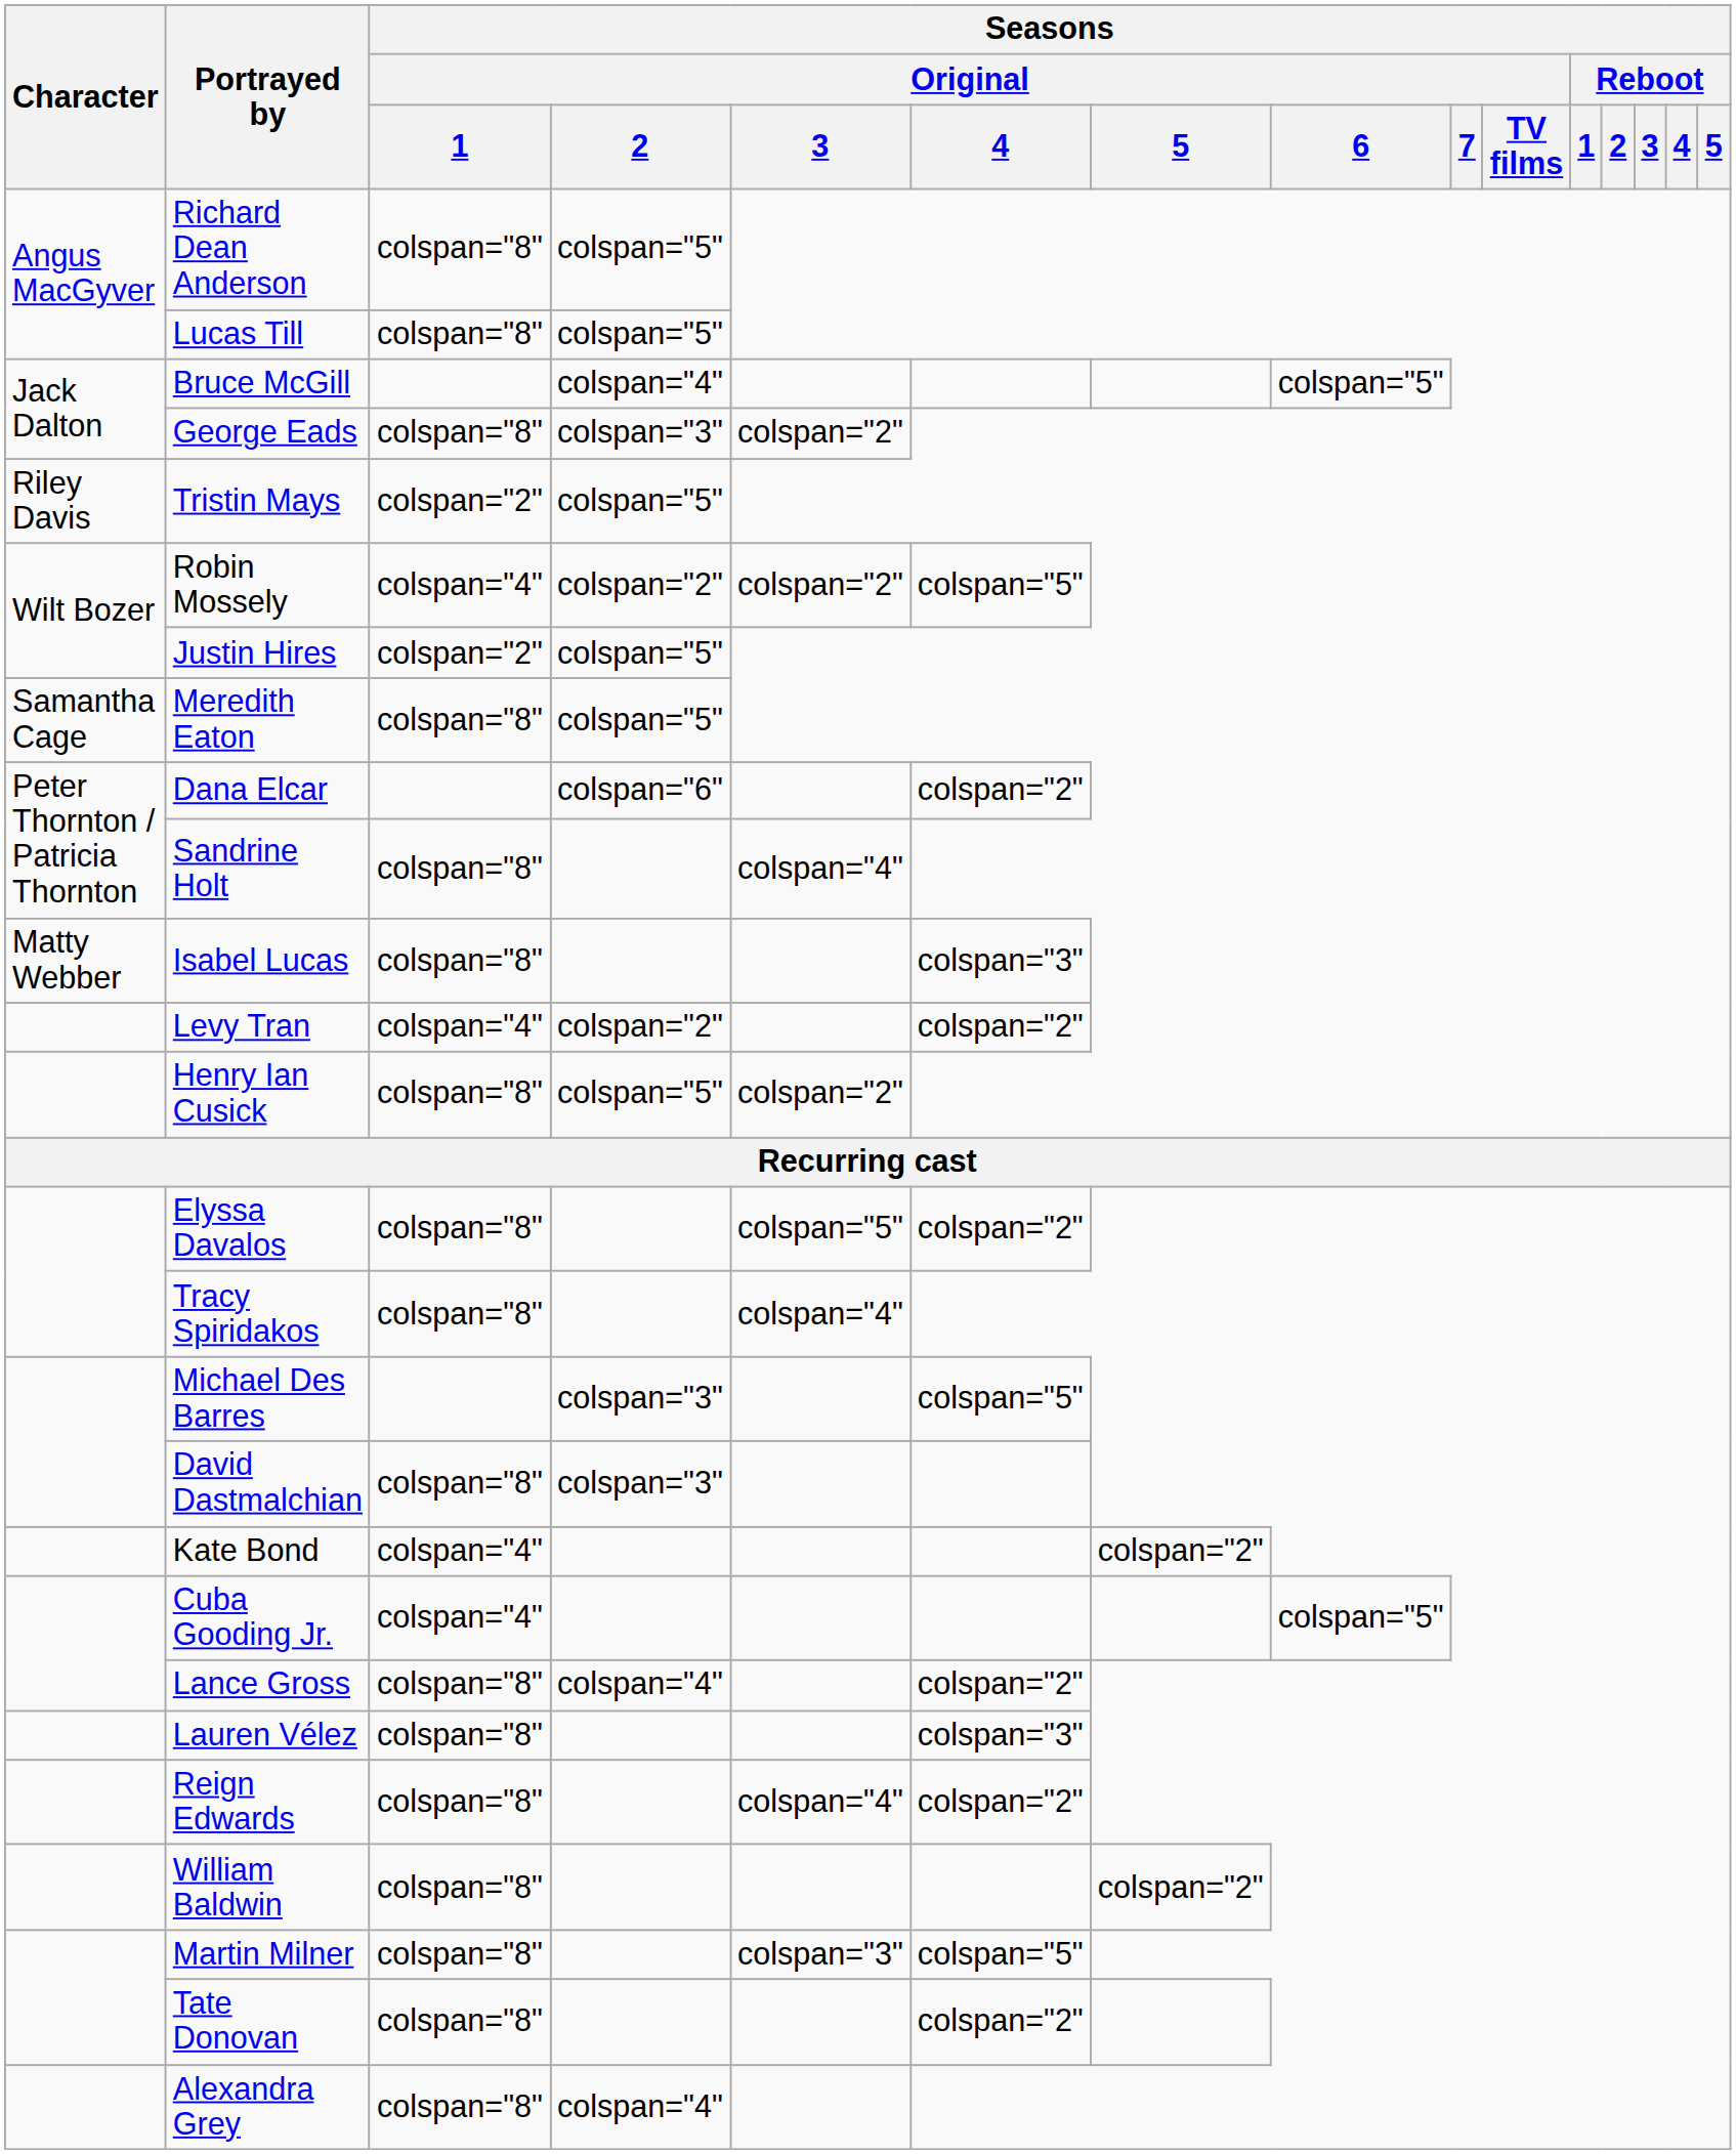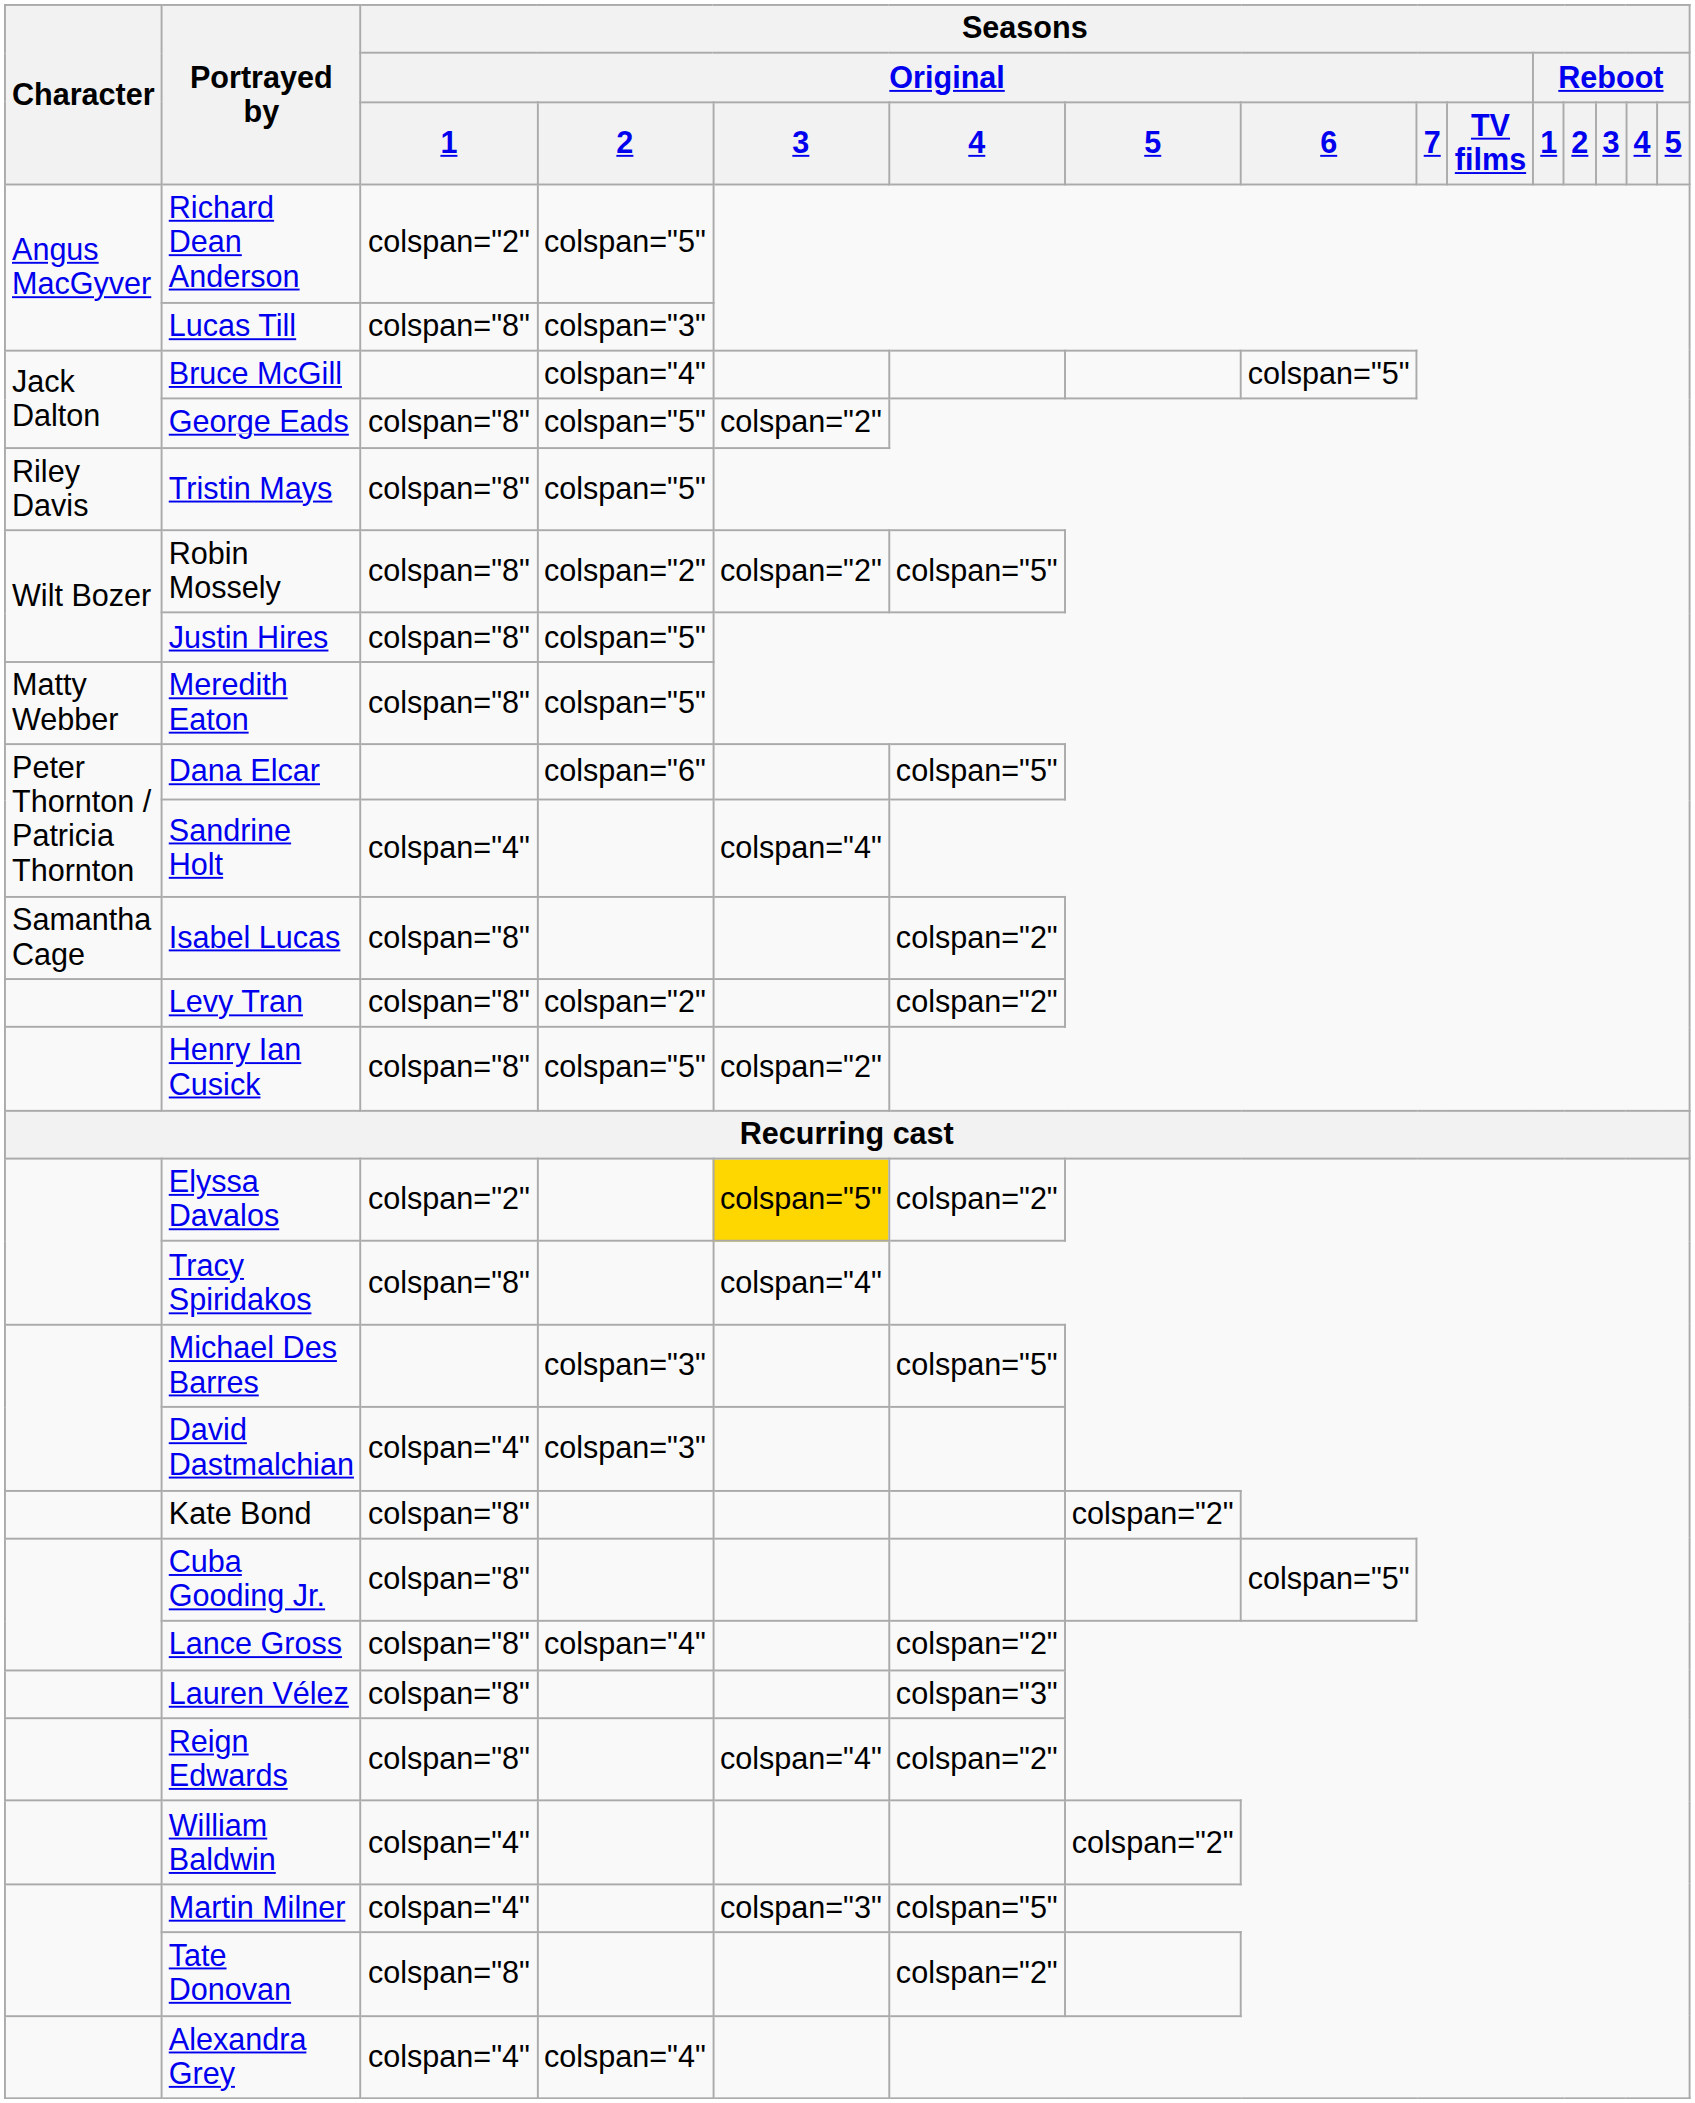 <table class="wikitable plainrowheaders">
 <tr>
 <th scope="col" style="width:16%;" rowspan="3">Character</th>
 <th scope="col" style="width:16%;" rowspan="3">Portrayed by</th>
 <th scope="col" colspan="13">Seasons</th>
 </tr>
 <tr>
 <th scope="col" colspan="8"><a href='#'>Original</a></th>
 <th scope="col" colspan="5"><a href='#'>Reboot</a></th>
 </tr>
 <tr>
 <th scope="col" style="width:4%;"><a href='#'>1</a></th>
 <th scope="col" style="width:4%;"><a href='#'>2</a></th>
 <th scope="col" style="width:4%;"><a href='#'>3</a></th>
 <th scope="col" style="width:4%;"><a href='#'>4</a></th>
 <th scope="col" style="width:4%;"><a href='#'>5</a></th>
 <th scope="col" style="width:4%;"><a href='#'>6</a></th>
 <th scope="col" style="width:4%;"><a href='#'>7</a></th>
 <th socpe="col" style="width:4%;"><a href='#'>TV films</a></th>
 <th scope="col" style="width:4%;"><a href='#'>1</a></th>
 <th scope="col" style="width:4%;"><a href='#'>2</a></th>
 <th scope="col" style="width:4%;"><a href='#'>3</a></th>
 <th scope="col" style="width:4%;"><a href='#'>4</a></th>
 <th scope="col" style="width:4%;"><a href='#'>5</a></th>
 </tr>
 <tr>
 <td scope="row" rowspan="2"><a href='#'>Angus MacGyver</a></td>
 <td><a href='#'>Richard Dean Anderson</a></td>
-<td>colspan="8" </td>
+<td>colspan="2" </td>
 <td>colspan="5" </td>
 </tr>
 <tr>
 <td><a href='#'>Lucas Till</a></td>
 <td>colspan="8" </td>
-<td>colspan="5" </td>
+<td>colspan="3" </td>
 </tr>
 <tr>
 <td scope="row" rowspan="2">Jack Dalton</td>
 <td><a href='#'>Bruce McGill</a></td>
 <td></td>
 <td>colspan="4" </td>
 <td></td>
 <td></td>
 <td></td>
 <td>colspan="5" </td>
 </tr>
 <tr>
 <td><a href='#'>George Eads</a></td>
 <td>colspan="8" </td>
-<td>colspan="3" </td>
+<td>colspan="5" </td>
 <td>colspan="2" </td>
 </tr>
 <tr>
 <td scope="row">Riley Davis</td>
 <td><a href='#'>Tristin Mays</a></td>
-<td>colspan="2" </td>
+<td>colspan="8" </td>
 <td>colspan="5" </td>
 </tr>
 <tr>
 <td scope="row" rowspan="2">Wilt Bozer</td>
 <td>Robin Mossely</td>
-<td>colspan="4" </td>
+<td>colspan="8" </td>
 <td>colspan="2" </td>
 <td>colspan="2" </td>
 <td>colspan="5" </td>
 </tr>
 <tr>
 <td><a href='#'>Justin Hires</a></td>
-<td>colspan="2" </td>
+<td>colspan="8" </td>
 <td>colspan="5" </td>
 </tr>
 <tr>
-<td scope="row">Samantha Cage</td>
+<td scope="row">Matty Webber</td>
 <td><a href='#'>Meredith Eaton</a></td>
 <td>colspan="8" </td>
 <td>colspan="5" </td>
 </tr>
 <tr>
 <td scope="row"  rowspan="2">Peter Thornton /<br>Patricia Thornton</td>
 <td><a href='#'>Dana Elcar</a></td>
 <td></td>
 <td>colspan="6" </td>
 <td></td>
-<td>colspan="2" </td>
+<td>colspan="5" </td>
 </tr>
 <tr>
 <td><a href='#'>Sandrine Holt</a></td>
-<td>colspan="8" </td>
+<td>colspan="4" </td>
 <td></td>
 <td>colspan="4" </td>
 </tr>
 <tr>
-<td scope="row">Matty Webber</td>
+<td scope="row">Samantha Cage</td>
 <td><a href='#'>Isabel Lucas</a></td>
 <td>colspan="8" </td>
 <td></td>
 <td></td>
-<td>colspan="3" </td>
+<td>colspan="2" </td>
 </tr>
 <tr>
 <td scope="row"></td>
 <td><a href='#'>Levy Tran</a></td>
-<td>colspan="4" </td>
+<td>colspan="8" </td>
 <td>colspan="2" </td>
 <td></td>
 <td>colspan="2" </td>
 </tr>
 <tr>
 <td scope="row"></td>
 <td><a href='#'>Henry Ian Cusick</a></td>
 <td>colspan="8" </td>
 <td>colspan="5" </td>
 <td>colspan="2" </td>
 </tr>
 <tr>
 <th colspan="15">Recurring cast</th>
 </tr>
 <tr>
 <td scope="row" rowspan="2"></td>
 <td><a href='#'>Elyssa Davalos</a></td>
-<td>colspan="8" </td>
+<td>colspan="2" </td>
 <td></td>
-<td>colspan="5" </td>
+<td style="background: gold;">colspan="5" </td>
 <td>colspan="2" </td>
 </tr>
 <tr>
 <td><a href='#'>Tracy Spiridakos</a></td>
 <td>colspan="8" </td>
 <td></td>
 <td>colspan="4" </td>
 </tr>
 <tr>
 <td scope="row" rowspan="2"></td>
 <td><a href='#'>Michael Des Barres</a></td>
 <td></td>
 <td>colspan="3" </td>
 <td></td>
 <td>colspan="5" </td>
 </tr>
 <tr>
 <td><a href='#'>David Dastmalchian</a></td>
-<td>colspan="8" </td>
+<td>colspan="4" </td>
 <td>colspan="3" </td>
 <td></td>
 <td></td>
 </tr>
 <tr>
 <td scope="row"></td>
 <td>Kate Bond</td>
-<td>colspan="4" </td>
+<td>colspan="8" </td>
 <td></td>
 <td></td>
 <td></td>
 <td>colspan="2" </td>
 </tr>
 <tr>
 <td scope="row" rowspan="2"></td>
 <td><a href='#'>Cuba Gooding Jr.</a></td>
-<td>colspan="4" </td>
+<td>colspan="8" </td>
 <td></td>
 <td></td>
 <td></td>
 <td></td>
 <td>colspan="5" </td>
 </tr>
 <tr>
 <td><a href='#'>Lance Gross</a></td>
 <td>colspan="8" </td>
 <td>colspan="4" </td>
 <td></td>
 <td>colspan="2" </td>
 </tr>
 <tr>
 <td scope="row"></td>
 <td><a href='#'>Lauren Vélez</a></td>
 <td>colspan="8" </td>
 <td></td>
 <td></td>
 <td>colspan="3" </td>
 </tr>
 <tr>
 <td scope="row"></td>
 <td><a href='#'>Reign Edwards</a></td>
 <td>colspan="8" </td>
 <td></td>
 <td>colspan="4" </td>
 <td>colspan="2" </td>
 </tr>
 <tr>
 <td scope="row"></td>
 <td><a href='#'>William Baldwin</a></td>
-<td>colspan="8" </td>
+<td>colspan="4" </td>
 <td></td>
 <td></td>
 <td></td>
 <td>colspan="2"</td>
 </tr>
 <tr>
 <td scope="row" rowspan="2"></td>
 <td><a href='#'>Martin Milner</a></td>
-<td>colspan="8" </td>
+<td>colspan="4" </td>
 <td></td>
 <td>colspan="3" </td>
 <td>colspan="5" </td>
 </tr>
 <tr>
 <td><a href='#'>Tate Donovan</a></td>
 <td>colspan="8" </td>
 <td></td>
 <td></td>
 <td>colspan="2" </td>
 <td></td>
 </tr>
 <tr>
 <td scope="row"></td>
 <td><a href='#'>Alexandra Grey</a></td>
-<td>colspan="8" </td>
+<td>colspan="4" </td>
 <td>colspan="4" </td>
 <td></td>
 </tr>
 </table>
